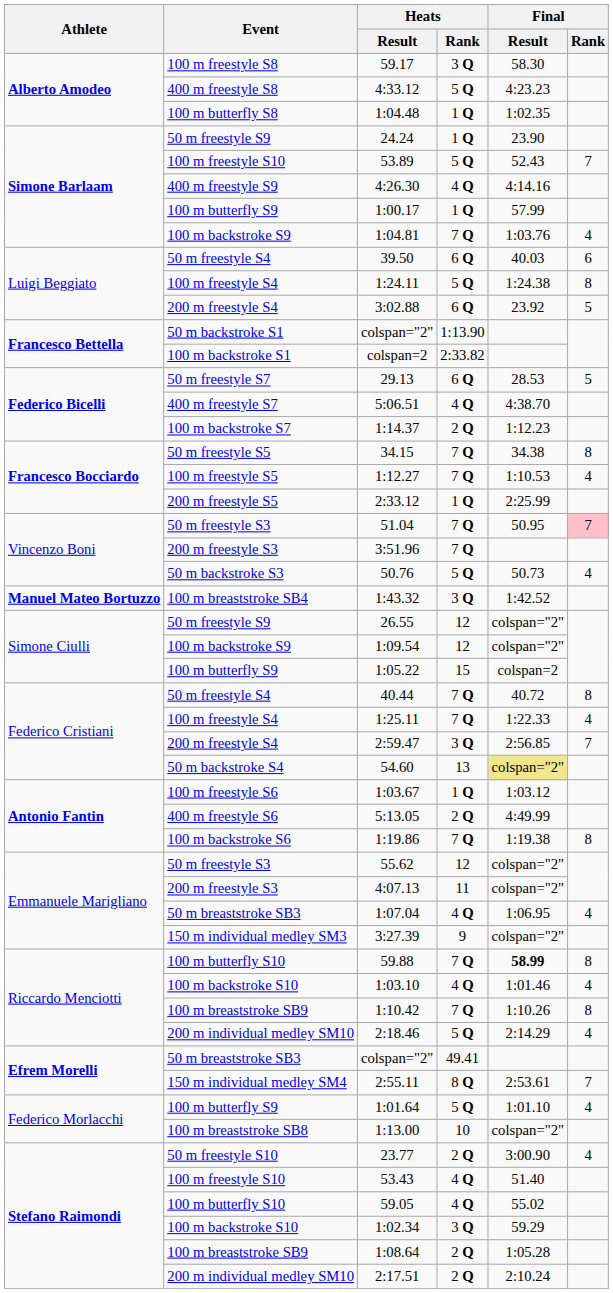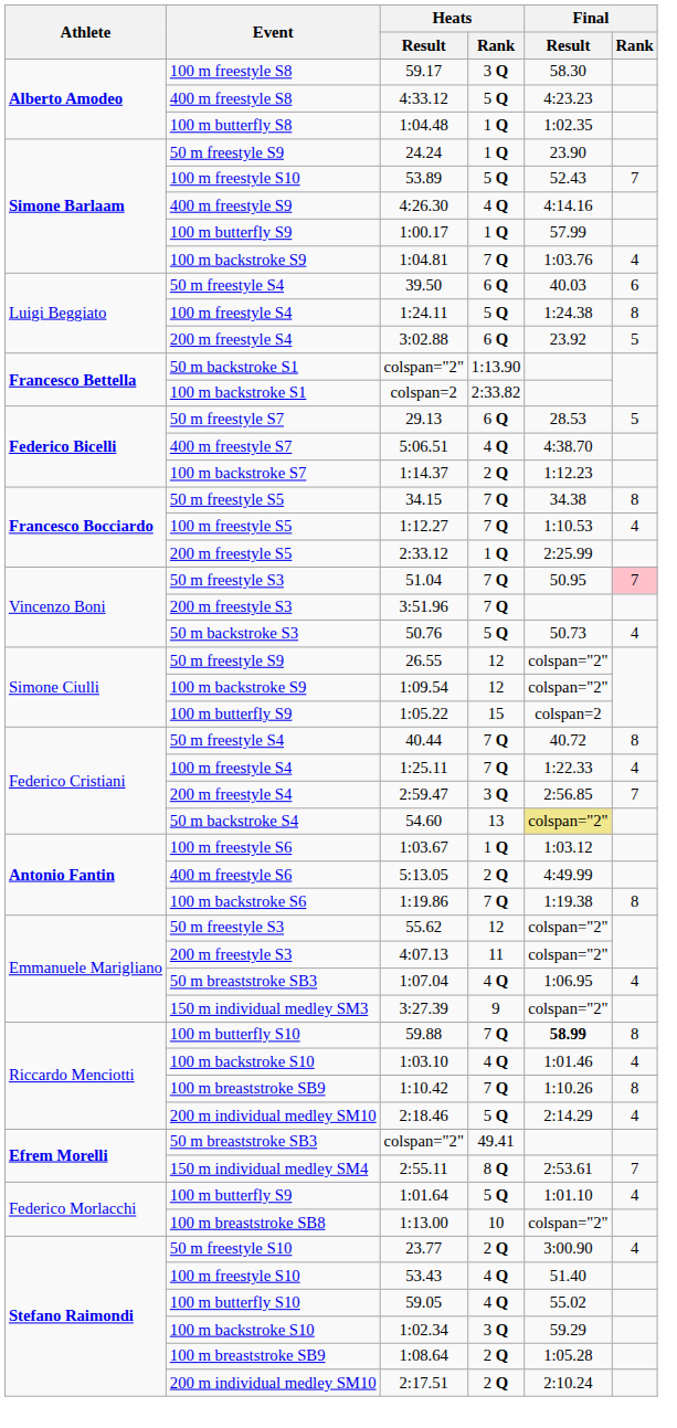 <table class=wikitable style="font-size:90%">
 <tr>
 <th rowspan="2">Athlete</th>
 <th rowspan="2">Event</th>
 <th colspan="2">Heats</th>
 <th colspan="2">Final</th>
 </tr>
 <tr>
 <th>Result</th>
 <th>Rank</th>
 <th>Result</th>
 <th>Rank</th>
 </tr>
 <tr align=center>
 <td align=left rowspan=3><strong><a href='#'>Alberto Amodeo</a></strong></td>
 <td align=left><a href='#'>100 m freestyle S8</a></td>
 <td>59.17</td>
 <td>3 <strong>Q</strong></td>
 <td>58.30</td>
 <td></td>
 </tr>
 <tr align=center>
 <td align=left><a href='#'>400 m freestyle S8</a></td>
 <td>4:33.12</td>
 <td>5 <strong>Q</strong></td>
 <td>4:23.23</td>
 <td></td>
 </tr>
 <tr align=center>
 <td align=left><a href='#'>100 m butterfly S8</a></td>
 <td>1:04.48</td>
 <td>1 <strong>Q</strong></td>
 <td>1:02.35</td>
 <td></td>
 </tr>
 <tr align=center>
 <td align=left rowspan=5><strong><a href='#'>Simone Barlaam</a></strong></td>
 <td align=left><a href='#'>50 m freestyle S9</a></td>
 <td>24.24</td>
 <td>1 <strong>Q</strong></td>
 <td>23.90</td>
 <td></td>
 </tr>
 <tr align=center>
 <td align=left><a href='#'>100 m freestyle S10</a></td>
 <td>53.89</td>
 <td>5 <strong>Q</strong></td>
 <td>52.43</td>
 <td>7</td>
 </tr>
 <tr align=center>
 <td align=left><a href='#'>400 m freestyle S9</a></td>
 <td>4:26.30</td>
 <td>4 <strong>Q</strong></td>
 <td>4:14.16</td>
 <td></td>
 </tr>
 <tr align=center>
 <td align=left><a href='#'>100 m butterfly S9</a></td>
 <td>1:00.17</td>
 <td>1 <strong>Q</strong></td>
 <td>57.99</td>
 <td></td>
 </tr>
 <tr align=center>
 <td align=left><a href='#'>100 m backstroke S9</a></td>
 <td>1:04.81</td>
 <td>7 <strong>Q</strong></td>
 <td>1:03.76</td>
 <td>4</td>
 </tr>
 <tr align=center>
 <td align=left rowspan=3><a href='#'>Luigi Beggiato</a></td>
 <td align=left><a href='#'>50 m freestyle S4</a></td>
 <td>39.50</td>
 <td>6 <strong>Q</strong></td>
 <td>40.03</td>
 <td>6</td>
 </tr>
 <tr align=center>
 <td align=left><a href='#'>100 m freestyle S4</a></td>
 <td>1:24.11</td>
 <td>5 <strong>Q</strong></td>
 <td>1:24.38</td>
 <td>8</td>
 </tr>
 <tr align=center>
 <td align=left><a href='#'>200 m freestyle S4</a></td>
 <td>3:02.88</td>
 <td>6 <strong>Q</strong></td>
 <td>23.92</td>
 <td>5</td>
 </tr>
 <tr align=center>
 <td align=left rowspan=2><strong><a href='#'>Francesco Bettella</a></strong></td>
 <td align=left><a href='#'>50 m backstroke S1</a></td>
 <td>colspan="2" </td>
 <td>1:13.90</td>
 <td></td>
 </tr>
 <tr align=center>
 <td align=left><a href='#'>100 m backstroke S1</a></td>
 <td>colspan=2 </td>
 <td>2:33.82</td>
 <td></td>
 </tr>
 <tr align=center>
 <td align=left rowspan=3><strong><a href='#'>Federico Bicelli</a></strong></td>
 <td align=left><a href='#'>50 m freestyle S7</a></td>
 <td>29.13</td>
 <td>6 <strong>Q</strong></td>
 <td>28.53</td>
 <td>5</td>
 </tr>
 <tr align=center>
 <td align=left><a href='#'>400 m freestyle S7</a></td>
 <td>5:06.51</td>
 <td>4 <strong>Q</strong></td>
 <td>4:38.70</td>
 <td></td>
 </tr>
 <tr align=center>
 <td align=left><a href='#'>100 m backstroke S7</a></td>
 <td>1:14.37</td>
 <td>2 <strong>Q</strong></td>
 <td>1:12.23</td>
 <td></td>
 </tr>
 <tr align=center>
 <td align=left rowspan=3><strong><a href='#'>Francesco Bocciardo</a></strong></td>
 <td align=left><a href='#'>50 m freestyle S5</a></td>
 <td>34.15</td>
 <td>7 <strong>Q</strong></td>
 <td>34.38</td>
 <td>8</td>
 </tr>
 <tr align=center>
 <td align=left><a href='#'>100 m freestyle S5</a></td>
 <td>1:12.27</td>
 <td>7 <strong>Q</strong></td>
 <td>1:10.53</td>
 <td>4</td>
 </tr>
 <tr align=center>
 <td align=left><a href='#'>200 m freestyle S5</a></td>
 <td>2:33.12</td>
 <td>1 <strong>Q</strong></td>
 <td>2:25.99</td>
 <td></td>
 </tr>
 <tr align=center>
 <td align=left rowspan=3><a href='#'>Vincenzo Boni</a></td>
 <td align=left><a href='#'>50 m freestyle S3</a></td>
 <td>51.04</td>
 <td>7 <strong>Q</strong></td>
 <td>50.95</td>
 <td style="background: pink;">7</td>
 </tr>
 <tr align=center>
 <td align=left><a href='#'>200 m freestyle S3</a></td>
 <td>3:51.96</td>
 <td>7 <strong>Q</strong></td>
 <td></td>
 <td></td>
 </tr>
 <tr align=center>
 <td align=left><a href='#'>50 m backstroke S3</a></td>
 <td>50.76</td>
 <td>5 <strong>Q</strong></td>
 <td>50.73</td>
 <td>4</td>
-</tr>
-<tr align=center>
-<td align=left><strong><a href='#'>Manuel Mateo Bortuzzo</a></strong></td>
-<td align=left><a href='#'>100 m breaststroke SB4</a></td>
-<td>1:43.32</td>
-<td>3 <strong>Q</strong></td>
-<td>1:42.52</td>
-<td></td>
 </tr>
 <tr align=center>
 <td align=left rowspan=3><a href='#'>Simone Ciulli</a></td>
 <td align=left><a href='#'>50 m freestyle S9</a></td>
 <td>26.55</td>
 <td>12</td>
 <td>colspan="2" </td>
 </tr>
 <tr align=center>
 <td align=left><a href='#'>100 m backstroke S9</a></td>
 <td>1:09.54</td>
 <td>12</td>
 <td>colspan="2" </td>
 </tr>
 <tr align=center>
 <td align=left><a href='#'>100 m butterfly S9</a></td>
 <td>1:05.22</td>
 <td>15</td>
 <td>colspan=2 </td>
 </tr>
 <tr align=center>
 <td align=left rowspan=4><a href='#'>Federico Cristiani</a></td>
 <td align=left><a href='#'>50 m freestyle S4</a></td>
 <td>40.44</td>
 <td>7 <strong>Q</strong></td>
 <td>40.72</td>
 <td>8</td>
 </tr>
 <tr align=center>
 <td align=left><a href='#'>100 m freestyle S4</a></td>
 <td>1:25.11</td>
 <td>7 <strong>Q</strong></td>
 <td>1:22.33</td>
 <td>4</td>
 </tr>
 <tr align=center>
 <td align=left><a href='#'>200 m freestyle S4</a></td>
 <td>2:59.47</td>
 <td>3 <strong>Q</strong></td>
 <td>2:56.85</td>
 <td>7</td>
 </tr>
 <tr align=center>
 <td align=left><a href='#'>50 m backstroke S4</a></td>
 <td>54.60</td>
 <td>13</td>
 <td style="background: khaki;">colspan="2" </td>
 </tr>
 <tr align=center>
 <td align=left rowspan=3><strong><a href='#'>Antonio Fantin</a></strong></td>
 <td align=left><a href='#'>100 m freestyle S6</a></td>
 <td>1:03.67</td>
 <td>1 <strong>Q</strong></td>
 <td>1:03.12</td>
 <td></td>
 </tr>
 <tr align=center>
 <td align=left><a href='#'>400 m freestyle S6</a></td>
 <td>5:13.05</td>
 <td>2 <strong>Q</strong></td>
 <td>4:49.99</td>
 <td></td>
 </tr>
 <tr align=center>
 <td align=left><a href='#'>100 m backstroke S6</a></td>
 <td>1:19.86</td>
 <td>7 <strong>Q</strong></td>
 <td>1:19.38</td>
 <td>8</td>
 </tr>
 <tr align=center>
 <td align=left rowspan=4><a href='#'>Emmanuele Marigliano</a></td>
 <td align=left><a href='#'>50 m freestyle S3</a></td>
 <td>55.62</td>
 <td>12</td>
 <td>colspan="2" </td>
 </tr>
 <tr align=center>
 <td align=left><a href='#'>200 m freestyle S3</a></td>
 <td>4:07.13</td>
 <td>11</td>
 <td>colspan="2" </td>
 </tr>
 <tr align=center>
 <td align=left><a href='#'>50 m breaststroke SB3</a></td>
 <td>1:07.04</td>
 <td>4 <strong>Q</strong></td>
 <td>1:06.95</td>
 <td>4</td>
 </tr>
 <tr align=center>
 <td align=left><a href='#'>150 m individual medley SM3</a></td>
 <td>3:27.39</td>
 <td>9</td>
 <td>colspan="2" </td>
 </tr>
 <tr align=center>
 <td align=left rowspan=4><a href='#'>Riccardo Menciotti</a></td>
 <td align=left><a href='#'>100 m butterfly S10</a></td>
 <td>59.88</td>
 <td>7 <strong>Q</strong></td>
 <td><strong>58.99</strong></td>
 <td>8</td>
 </tr>
 <tr align=center>
 <td align=left><a href='#'>100 m backstroke S10</a></td>
 <td>1:03.10</td>
 <td>4 <strong>Q</strong></td>
 <td>1:01.46</td>
 <td>4</td>
 </tr>
 <tr align=center>
 <td align=left><a href='#'>100 m breaststroke SB9</a></td>
 <td>1:10.42</td>
 <td>7 <strong>Q</strong></td>
 <td>1:10.26</td>
 <td>8</td>
 </tr>
 <tr align=center>
 <td align=left><a href='#'>200 m individual medley SM10</a></td>
 <td>2:18.46</td>
 <td>5 <strong>Q</strong></td>
 <td>2:14.29</td>
 <td>4</td>
 </tr>
 <tr align=center>
 <td align=left rowspan=2><strong><a href='#'>Efrem Morelli</a></strong></td>
 <td align=left><a href='#'>50 m breaststroke SB3</a></td>
 <td>colspan="2" </td>
 <td>49.41</td>
 <td></td>
 </tr>
 <tr align=center>
 <td align=left><a href='#'>150 m individual medley SM4</a></td>
 <td>2:55.11</td>
 <td>8 <strong>Q</strong></td>
 <td>2:53.61</td>
 <td>7</td>
 </tr>
 <tr align=center>
 <td align=left rowspan=2><a href='#'>Federico Morlacchi</a></td>
 <td align=left><a href='#'>100 m butterfly S9</a></td>
 <td>1:01.64</td>
 <td>5 <strong>Q</strong></td>
 <td>1:01.10</td>
 <td>4</td>
 </tr>
 <tr align=center>
 <td align=left><a href='#'>100 m breaststroke SB8</a></td>
 <td>1:13.00</td>
 <td>10</td>
 <td>colspan="2" </td>
 </tr>
 <tr align=center>
 <td align=left rowspan=6><strong><a href='#'>Stefano Raimondi</a></strong></td>
 <td align=left><a href='#'>50 m freestyle S10</a></td>
 <td>23.77</td>
 <td>2 <strong>Q</strong></td>
 <td>3:00.90</td>
 <td>4</td>
 </tr>
 <tr align=center>
 <td align=left><a href='#'>100 m freestyle S10</a></td>
 <td>53.43</td>
 <td>4 <strong>Q</strong></td>
 <td>51.40</td>
 <td></td>
 </tr>
 <tr align=center>
 <td align=left><a href='#'>100 m butterfly S10</a></td>
 <td>59.05</td>
 <td>4 <strong>Q</strong></td>
 <td>55.02</td>
 <td></td>
 </tr>
 <tr align=center>
 <td align=left><a href='#'>100 m backstroke S10</a></td>
 <td>1:02.34</td>
 <td>3 <strong>Q</strong></td>
 <td>59.29</td>
 <td></td>
 </tr>
 <tr align=center>
 <td align=left><a href='#'>100 m breaststroke SB9</a></td>
 <td>1:08.64</td>
 <td>2 <strong>Q</strong></td>
 <td>1:05.28</td>
 <td></td>
 </tr>
 <tr align=center>
 <td align=left><a href='#'>200 m individual medley SM10</a></td>
 <td>2:17.51</td>
 <td>2 <strong>Q</strong></td>
 <td>2:10.24</td>
 <td></td>
 </tr>
 </table>
